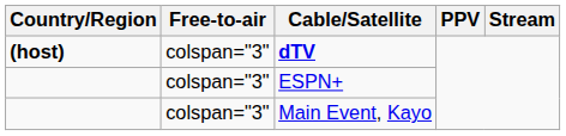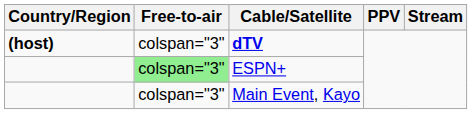 <table class="wikitable">
 <tr>
 <th>Country/Region</th>
 <th>Free-to-air</th>
 <th>Cable/Satellite</th>
 <th>PPV</th>
 <th>Stream</th>
 </tr>
 <tr>
 <td><strong> (host)</strong></td>
 <td>colspan="3" </td>
 <td><strong><a href='#'>dTV</a></strong></td>
 </tr>
 <tr>
 <td></td>
-<td>colspan="3" </td>
+<td style="background: lightgreen;">colspan="3" </td>
 <td><a href='#'>ESPN+</a></td>
 </tr>
 <tr>
 <td></td>
 <td>colspan="3" </td>
 <td><a href='#'>Main Event</a>, <a href='#'>Kayo</a></td>
 </tr>
 </table>
